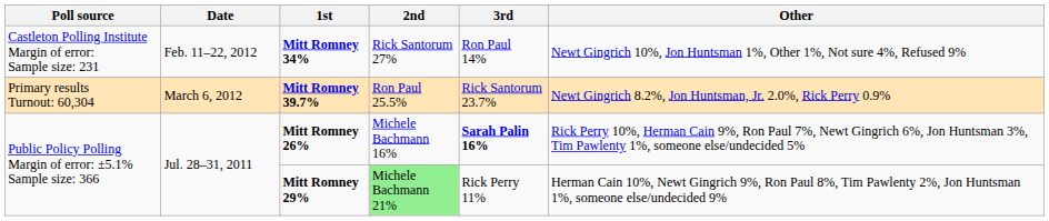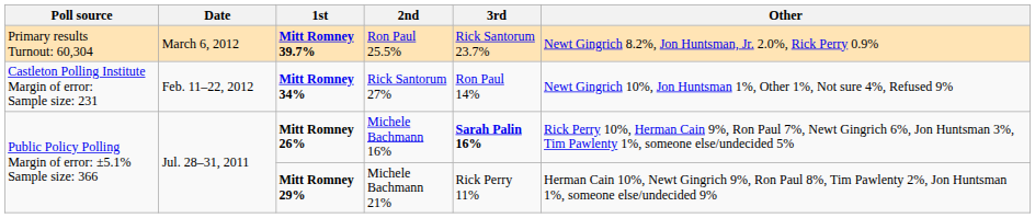 <table class="wikitable">
 <tr>
 <th style="width:180px;">Poll source</th>
 <th style="width:135px;">Date</th>
 <th style="width:100px;">1st</th>
 <th style="width:100px;">2nd</th>
 <th style="width:100px;">3rd</th>
 <th>Other</th>
 </tr>
+<tr style="background:Moccasin;">
+<td>Primary results<br>Turnout: 60,304</td>
+<td>March 6, 2012</td>
+<td><strong><a href='#'>Mitt Romney</a> 39.7% </strong></td>
+<td><a href='#'>Ron Paul</a><br>25.5%</td>
+<td><a href='#'>Rick Santorum</a><br>23.7%</td>
+<td><a href='#'>Newt Gingrich</a> 8.2%, <a href='#'>Jon Huntsman, Jr.</a> 2.0%, <a href='#'>Rick Perry</a> 0.9%</td>
+</tr>
 <tr>
 <td><a href='#'>Castleton Polling Institute</a><br>Margin of error:  <br>Sample size: 231</td>
 <td>Feb. 11–22, 2012</td>
 <td><strong><a href='#'>Mitt Romney</a><br> 34%</strong></td>
 <td><a href='#'>Rick Santorum</a><br> 27%</td>
 <td><a href='#'>Ron Paul</a><br> 14%</td>
 <td><a href='#'>Newt Gingrich</a> 10%, <a href='#'>Jon Huntsman</a> 1%, Other 1%, Not sure 4%, Refused 9%</td>
-</tr>
-<tr style="background:Moccasin;">
-<td>Primary results<br>Turnout: 60,304</td>
-<td>March 6, 2012</td>
-<td><strong><a href='#'>Mitt Romney</a> 39.7% </strong></td>
-<td><a href='#'>Ron Paul</a><br>25.5%</td>
-<td><a href='#'>Rick Santorum</a><br>23.7%</td>
-<td><a href='#'>Newt Gingrich</a> 8.2%, <a href='#'>Jon Huntsman, Jr.</a> 2.0%, <a href='#'>Rick Perry</a> 0.9%</td>
 </tr>
 <tr>
 <td rowspan=2><a href='#'>Public Policy Polling</a><br>Margin of error: ±5.1% <br>Sample size: 366</td>
 <td rowspan=2>Jul. 28–31, 2011</td>
 <td><strong>Mitt Romney<br> 26%</strong></td>
 <td><a href='#'>Michele Bachmann</a><br> 16%</td>
 <td><strong><a href='#'>Sarah Palin</a><br> 16%</strong></td>
 <td><a href='#'>Rick Perry</a> 10%, <a href='#'>Herman Cain</a> 9%, Ron Paul 7%, Newt Gingrich 6%, Jon Huntsman 3%, <a href='#'>Tim Pawlenty</a> 1%, someone else/undecided 5%</td>
 </tr>
 <tr>
 <td><strong>Mitt Romney<br> 29%</strong></td>
-<td style="background: lightgreen;">Michele Bachmann<br> 21%</td>
+<td>Michele Bachmann<br> 21%</td>
 <td>Rick Perry<br> 11%</td>
 <td>Herman Cain 10%, Newt Gingrich 9%, Ron Paul 8%, Tim Pawlenty 2%, Jon Huntsman 1%, someone else/undecided 9%</td>
 </tr>
 </table>
